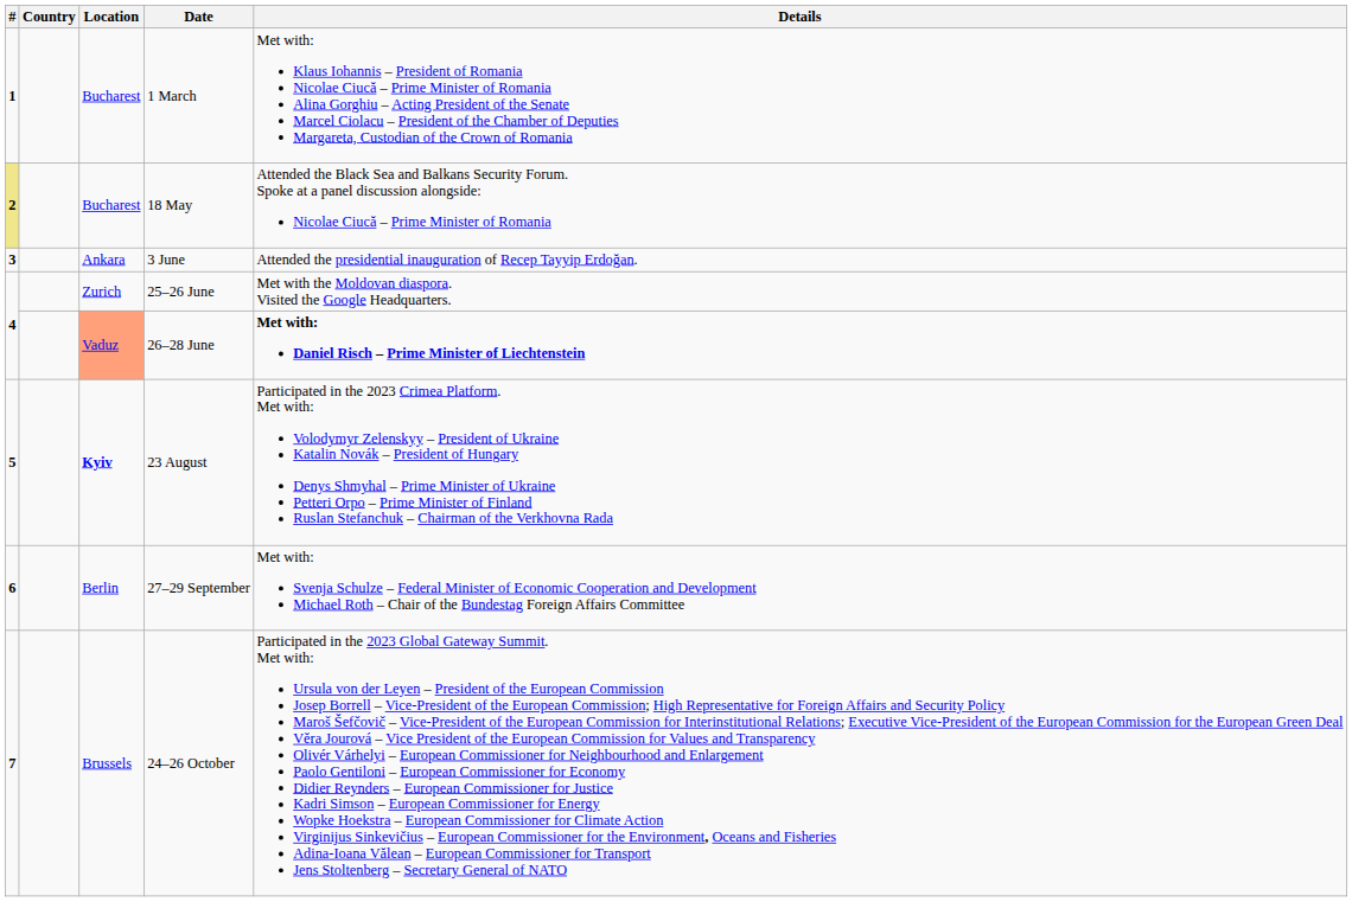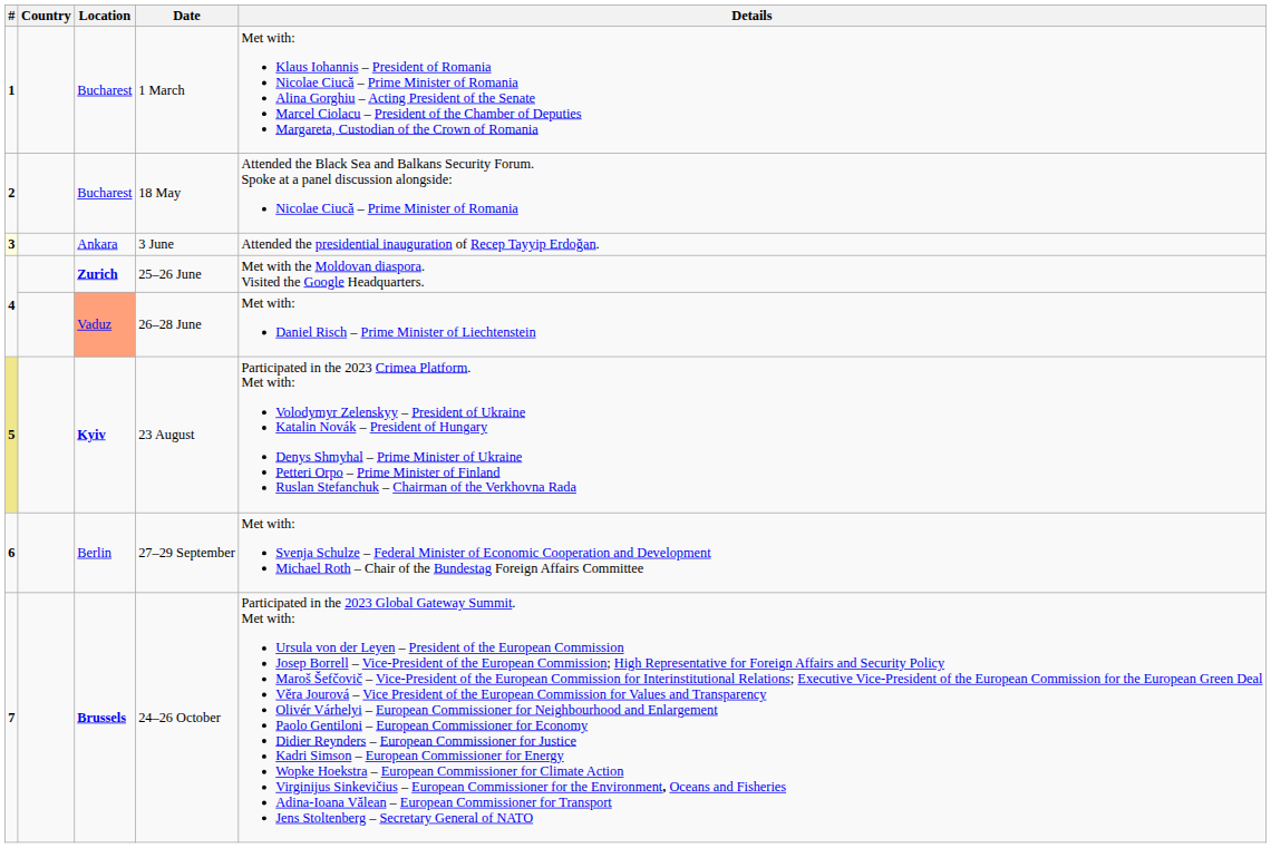 <table class="wikitable">
 <tr>
 <th>#</th>
 <th>Country</th>
 <th>Location</th>
 <th>Date</th>
 <th>Details</th>
 </tr>
 <tr>
 <td><strong>1</strong></td>
 <td><strong></strong></td>
 <td><a href='#'>Bucharest</a></td>
 <td>1 March</td>
 <td>Met with:<br><ul><li><a href='#'>Klaus Iohannis</a> – <a href='#'>President of Romania</a></li><li><a href='#'>Nicolae Ciucă</a> – <a href='#'>Prime Minister of Romania</a></li><li><a href='#'>Alina Gorghiu</a> – <a href='#'>Acting President of the Senate</a></li><li><a href='#'>Marcel Ciolacu</a> – <a href='#'>President of the Chamber of Deputies</a></li><li><a href='#'>Margareta, Custodian of the Crown of Romania</a></li></ul></td>
 </tr>
 <tr>
-<td style="background: khaki;"><strong>2</strong></td>
+<td><strong>2</strong></td>
 <td><strong></strong></td>
 <td><a href='#'>Bucharest</a></td>
 <td>18 May</td>
 <td>Attended the Black Sea and Balkans Security Forum.<br>Spoke at a panel discussion alongside:<ul><li><a href='#'>Nicolae Ciucă</a> – <a href='#'>Prime Minister of Romania</a></li></ul></td>
 </tr>
 <tr>
-<td><strong>3</strong></td>
+<td style="background: lightyellow;"><strong>3</strong></td>
 <td><strong></strong></td>
 <td><a href='#'>Ankara</a></td>
 <td>3 June</td>
 <td>Attended the <a href='#'>presidential inauguration</a> of <a href='#'>Recep Tayyip Erdoğan</a>.</td>
 </tr>
 <tr>
 <td rowspan="2"><strong>4</strong></td>
 <td><strong></strong></td>
-<td><a href='#'>Zurich</a></td>
+<td><strong><a href='#'>Zurich</a></strong></td>
 <td>25–26 June</td>
 <td>Met with the <a href='#'>Moldovan diaspora</a>.<br>Visited the <a href='#'>Google</a> Headquarters.</td>
 </tr>
 <tr>
 <td><strong></strong></td>
 <td style="background: lightsalmon;"><a href='#'>Vaduz</a></td>
 <td>26–28 June</td>
-<td><strong>Met with:<br><ul><li><a href='#'>Daniel Risch</a> – <a href='#'>Prime Minister of Liechtenstein</a></li></ul></strong></td>
+<td>Met with:<br><ul><li><a href='#'>Daniel Risch</a> – <a href='#'>Prime Minister of Liechtenstein</a></li></ul></td>
 </tr>
 <tr>
-<td><strong>5</strong></td>
+<td style="background: khaki;"><strong>5</strong></td>
 <td><strong></strong></td>
 <td><strong><a href='#'>Kyiv</a></strong></td>
 <td>23 August</td>
 <td>Participated in the 2023 <a href='#'>Crimea Platform</a>.<br>Met with:<ul><li><a href='#'>Volodymyr Zelenskyy</a> – <a href='#'>President of Ukraine</a></li><li><a href='#'>Katalin Novák</a> – <a href='#'>President of Hungary</a></li></ul><ul><li><a href='#'>Denys Shmyhal</a> – <a href='#'>Prime Minister of Ukraine</a></li><li><a href='#'>Petteri Orpo</a> – <a href='#'>Prime Minister of Finland</a></li><li><a href='#'>Ruslan Stefanchuk</a> – <a href='#'>Chairman of the Verkhovna Rada</a></li></ul></td>
 </tr>
 <tr>
 <td><strong>6</strong></td>
 <td><strong></strong></td>
 <td><a href='#'>Berlin</a></td>
 <td>27–29 September</td>
 <td>Met with:<br><ul><li><a href='#'>Svenja Schulze</a> – <a href='#'>Federal Minister of Economic Cooperation and Development</a></li><li><a href='#'>Michael Roth</a> – Chair of the <a href='#'>Bundestag</a> Foreign Affairs Committee</li></ul></td>
 </tr>
 <tr>
 <td><strong>7</strong></td>
 <td><strong></strong></td>
-<td><a href='#'>Brussels</a></td>
+<td><strong><a href='#'>Brussels</a></strong></td>
 <td>24–26 October</td>
 <td>Participated in the <a href='#'>2023 Global Gateway Summit</a>.<br>Met with:<ul><li><a href='#'>Ursula von der Leyen</a> – <a href='#'>President of the European Commission</a></li><li><a href='#'>Josep Borrell</a> – <a href='#'>Vice-President of the European Commission</a>; <a href='#'>High Representative for Foreign Affairs and Security Policy</a></li><li><a href='#'>Maroš Šefčovič</a> – <a href='#'>Vice-President of the European Commission for Interinstitutional Relations</a>; <a href='#'>Executive Vice-President of the European Commission for the European Green Deal</a></li><li><a href='#'>Věra Jourová</a> – <a href='#'>Vice President of the European Commission for Values and Transparency</a></li><li><a href='#'>Olivér Várhelyi</a> – <a href='#'>European Commissioner for Neighbourhood and Enlargement</a></li><li><a href='#'>Paolo Gentiloni</a> – <a href='#'>European Commissioner for Economy</a></li><li><a href='#'>Didier Reynders</a> – <a href='#'>European Commissioner for Justice</a></li><li><a href='#'>Kadri Simson</a> – <a href='#'>European Commissioner for Energy</a></li><li><a href='#'>Wopke Hoekstra</a> – <a href='#'>European Commissioner for Climate Action</a></li><li><a href='#'>Virginijus Sinkevičius</a> – <a href='#'>European Commissioner for the Environment</a><strong>,</strong> <a href='#'>Oceans and Fisheries</a></li><li><a href='#'>Adina-Ioana Vălean</a> – <a href='#'>European Commissioner for Transport</a></li><li><a href='#'>Jens Stoltenberg</a> – <a href='#'>Secretary General of NATO</a></li></ul></td>
 </tr>
 </table>
